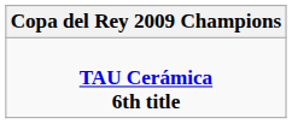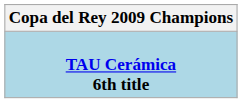 <table class=wikitable style="text-align:center; margin:auto">
 <tr>
 <th>Copa del Rey 2009 Champions</th>
 </tr>
 <tr>
-<td><br> <strong><a href='#'>TAU Cerámica</a></strong> <br> <strong>6th title</strong></td>
+<td style="background: lightblue;"><br> <strong><a href='#'>TAU Cerámica</a></strong> <br> <strong>6th title</strong></td>
 </tr>
 </table>
